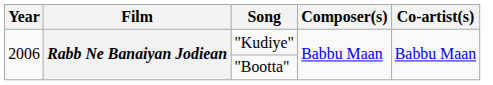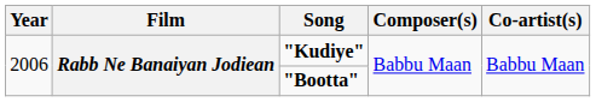 <table class="wikitable">
 <tr>
 <th>Year</th>
 <th>Film</th>
 <th>Song</th>
 <th>Composer(s)</th>
 <th>Co-artist(s)</th>
 </tr>
 <tr>
 <td rowspan="2">2006</td>
 <th rowspan="2"><em>Rabb Ne Banaiyan Jodiean</em></th>
-<td>"Kudiye"</td>
+<td><strong>"Kudiye"</strong></td>
 <td rowspan="2"><a href='#'>Babbu Maan</a></td>
 <td rowspan="2"><a href='#'>Babbu Maan</a></td>
 </tr>
 <tr>
-<td>"Bootta"</td>
+<td><strong>"Bootta"</strong></td>
 </tr>
 </table>
